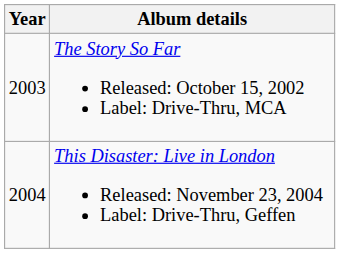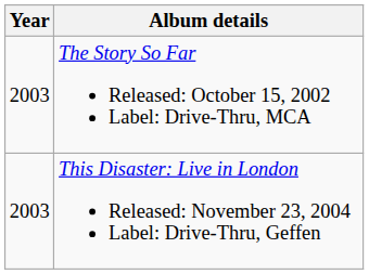 <table class="wikitable" style="text-align:center;">
 <tr>
 <th>Year</th>
 <th style="width:240px;">Album details</th>
 </tr>
 <tr>
 <td>2003</td>
 <td style="text-align:left;"><em><a href='#'>The Story So Far</a></em><br><ul><li>Released: October 15, 2002</li><li>Label: Drive-Thru, MCA</li></ul></td>
 </tr>
 <tr>
-<td>2004</td>
+<td>2003</td>
 <td style="text-align:left;"><em><a href='#'>This Disaster: Live in London</a></em><br><ul><li>Released: November 23, 2004</li><li>Label: Drive-Thru, Geffen</li></ul></td>
 </tr>
 </table>
